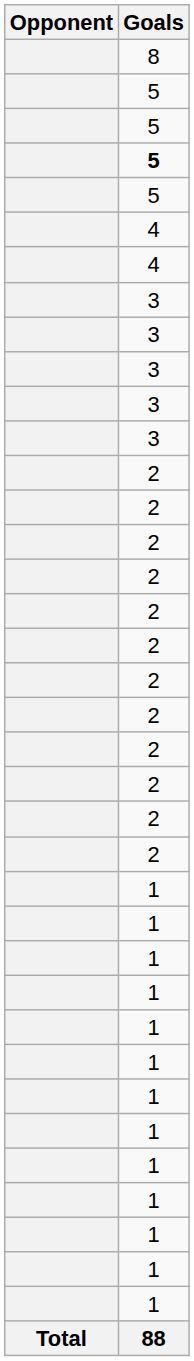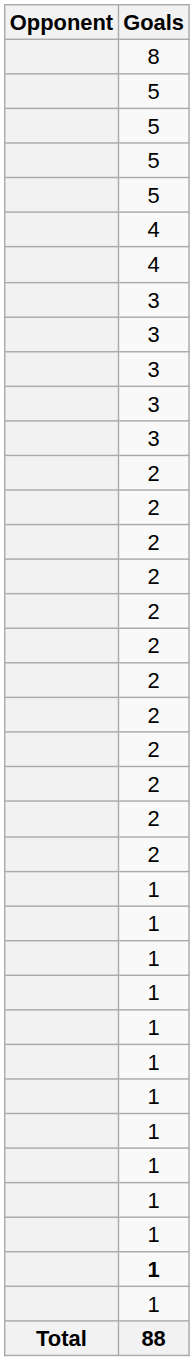 <table class="wikitable plainrowheaders sortable" style="text-align:center; font-size:95%">
 <tr>
 <th scope="col">Opponent</th>
 <th scope="col">Goals</th>
 </tr>
 <tr>
 <th scope="row"></th>
 <td>8</td>
 </tr>
 <tr>
 <th scope="row"></th>
 <td>5</td>
 </tr>
 <tr>
 <th scope="row"></th>
 <td>5</td>
 </tr>
 <tr>
 <th scope="row"></th>
-<td><strong>5</strong></td>
+<td>5</td>
 </tr>
 <tr>
 <th scope="row"></th>
 <td>5</td>
 </tr>
 <tr>
 <th scope="row"></th>
 <td>4</td>
 </tr>
 <tr>
 <th scope="row"></th>
 <td>4</td>
 </tr>
 <tr>
 <th scope="row"></th>
 <td>3</td>
 </tr>
 <tr>
 <th scope="row"></th>
 <td>3</td>
 </tr>
 <tr>
 <th scope="row"></th>
 <td>3</td>
 </tr>
 <tr>
 <th scope="row"></th>
 <td>3</td>
 </tr>
 <tr>
 <th scope="row"></th>
 <td>3</td>
 </tr>
 <tr>
 <th scope="row"></th>
 <td>2</td>
 </tr>
 <tr>
 <th scope="row"></th>
 <td>2</td>
 </tr>
 <tr>
 <th scope="row"></th>
 <td>2</td>
 </tr>
 <tr>
 <th scope="row"></th>
 <td>2</td>
 </tr>
 <tr>
 <th scope="row"></th>
 <td>2</td>
 </tr>
 <tr>
 <th scope="row"></th>
 <td>2</td>
 </tr>
 <tr>
 <th scope="row"></th>
 <td>2</td>
 </tr>
 <tr>
 <th scope="row"></th>
 <td>2</td>
 </tr>
 <tr>
 <th scope="row"></th>
 <td>2</td>
 </tr>
 <tr>
 <th scope="row"></th>
 <td>2</td>
 </tr>
 <tr>
 <th scope="row"></th>
 <td>2</td>
 </tr>
 <tr>
 <th scope="row"></th>
 <td>2</td>
 </tr>
 <tr>
 <th scope="row"></th>
 <td>1</td>
 </tr>
 <tr>
 <th scope="row"></th>
 <td>1</td>
 </tr>
 <tr>
 <th scope="row"></th>
 <td>1</td>
 </tr>
 <tr>
 <th scope="row"></th>
 <td>1</td>
 </tr>
 <tr>
 <th scope="row"></th>
 <td>1</td>
 </tr>
 <tr>
 <th scope="row"></th>
 <td>1</td>
 </tr>
 <tr>
 <th scope="row"></th>
 <td>1</td>
 </tr>
 <tr>
 <th scope="row"></th>
 <td>1</td>
 </tr>
 <tr>
 <th scope="row"></th>
 <td>1</td>
 </tr>
 <tr>
 <th scope="row"></th>
 <td>1</td>
 </tr>
 <tr>
 <th scope="row"></th>
 <td>1</td>
 </tr>
 <tr>
 <th scope="row"></th>
-<td>1</td>
+<td><strong>1</strong></td>
 </tr>
 <tr>
 <th scope="row"></th>
 <td>1</td>
 </tr>
 <tr>
 <th>Total</th>
 <th>88</th>
 </tr>
 </table>
